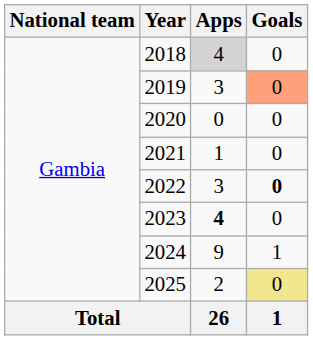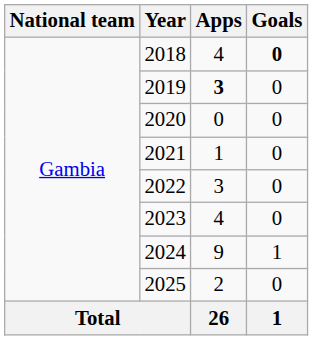 <table class="wikitable" style="text-align: center;">
 <tr>
 <th>National team</th>
 <th>Year</th>
 <th>Apps</th>
 <th>Goals</th>
 </tr>
 <tr>
 <td rowspan="8"><a href='#'>Gambia</a></td>
 <td>2018</td>
-<td style="background: lightgrey;">4</td>
-<td>0</td>
+<td>4</td>
+<td><strong>0</strong></td>
 </tr>
 <tr>
 <td>2019</td>
-<td>3</td>
-<td style="background: lightsalmon;">0</td>
+<td><strong>3</strong></td>
+<td>0</td>
 </tr>
 <tr>
 <td>2020</td>
 <td>0</td>
 <td>0</td>
 </tr>
 <tr>
 <td>2021</td>
 <td>1</td>
 <td>0</td>
 </tr>
 <tr>
 <td>2022</td>
 <td>3</td>
-<td><strong>0</strong></td>
+<td>0</td>
 </tr>
 <tr>
 <td>2023</td>
-<td><strong>4</strong></td>
+<td>4</td>
 <td>0</td>
 </tr>
 <tr>
 <td>2024</td>
 <td>9</td>
 <td>1</td>
 </tr>
 <tr>
 <td>2025</td>
 <td>2</td>
-<td style="background: khaki;">0</td>
+<td>0</td>
 </tr>
 <tr>
 <th colspan="2">Total</th>
 <th>26</th>
 <th>1</th>
 </tr>
 </table>
